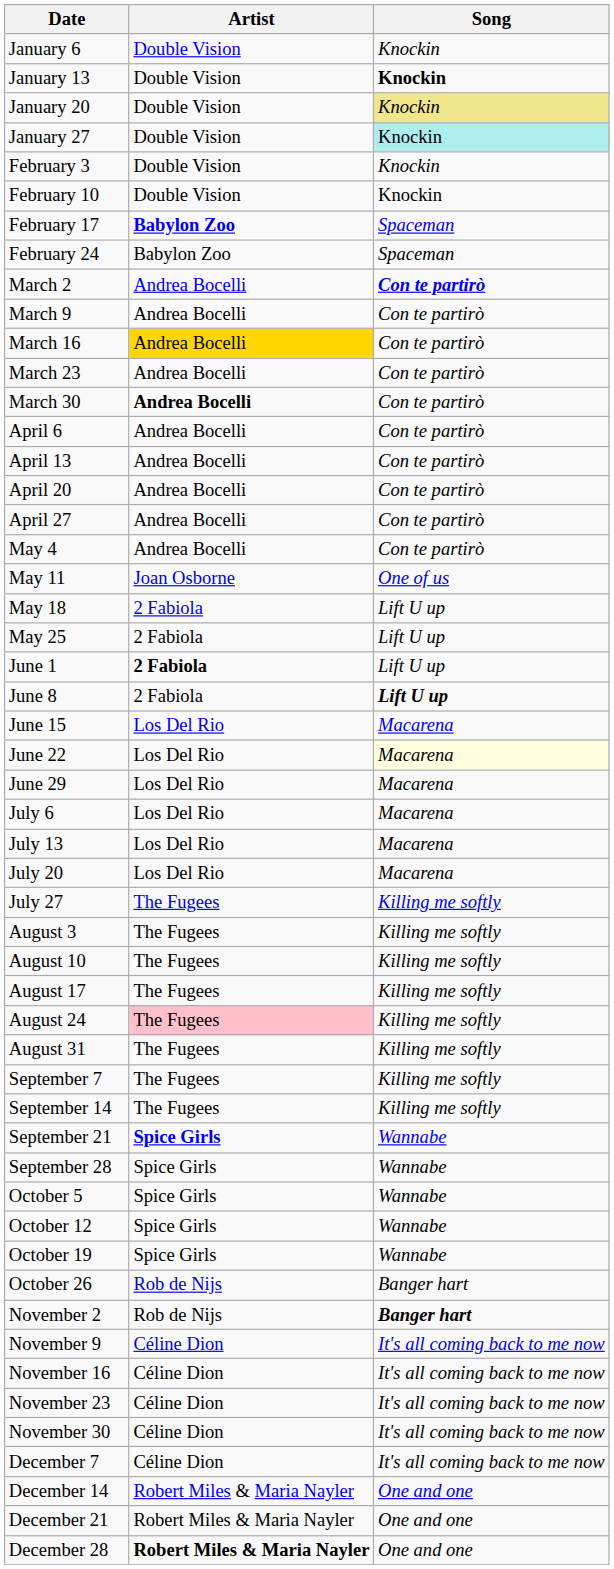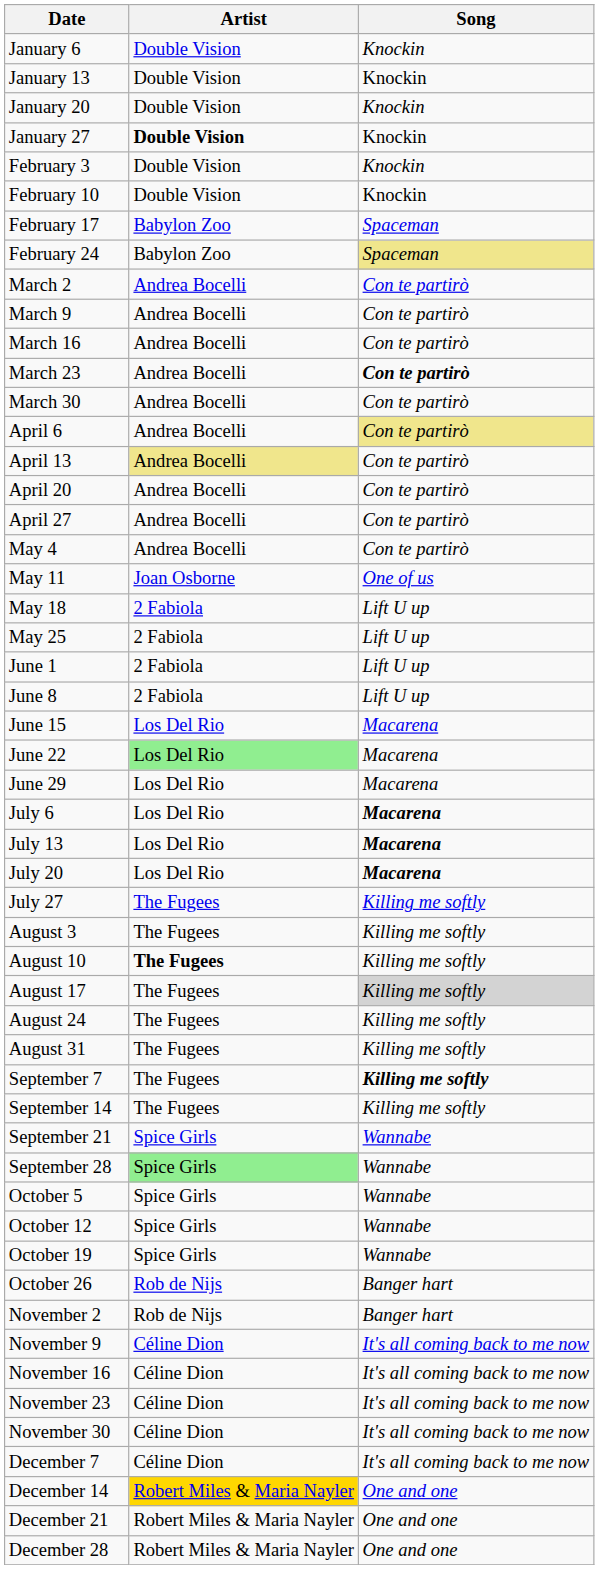 <table class="wikitable">
 <tr>
 <th width="100px">Date</th>
 <th>Artist</th>
 <th>Song</th>
 </tr>
 <tr>
 <td>January 6</td>
 <td><a href='#'>Double Vision</a></td>
 <td><em>Knockin<strong></td>
 </tr>
 <tr>
 <td>January 13</td>
 <td>Double Vision</td>
-<td><strong></em>Knockin</strong></strong></td>
+<td></em>Knockin</strong></td>
 </tr>
 <tr>
 <td>January 20</td>
 <td>Double Vision</td>
-<td style="background: khaki;"><em>Knockin<strong></td>
+<td><em>Knockin<strong></td>
 </tr>
 <tr>
 <td>January 27</td>
-<td>Double Vision</td>
-<td style="background: paleturquoise;"></em>Knockin</strong></td>
+<td><strong>Double Vision</strong></td>
+<td></em>Knockin</strong></td>
 </tr>
 <tr>
 <td>February 3</td>
 <td>Double Vision</td>
 <td><em>Knockin<strong></td>
 </tr>
 <tr>
 <td>February 10</td>
 <td>Double Vision</td>
 <td></em>Knockin</strong></td>
 </tr>
 <tr>
 <td>February 17</td>
-<td><strong><a href='#'>Babylon Zoo</a></strong></td>
+<td><a href='#'>Babylon Zoo</a></td>
 <td><em><a href='#'>Spaceman</a></em></td>
 </tr>
 <tr>
 <td>February 24</td>
 <td>Babylon Zoo</td>
-<td><em>Spaceman</em></td>
+<td style="background: khaki;"><em>Spaceman</em></td>
 </tr>
 <tr>
 <td>March 2</td>
 <td><a href='#'>Andrea Bocelli</a></td>
-<td><strong><em><a href='#'>Con te partirò</a></em></strong></td>
+<td><em><a href='#'>Con te partirò</a></em></td>
 </tr>
 <tr>
 <td>March 9</td>
 <td>Andrea Bocelli</td>
 <td><em>Con te partirò</em></td>
 </tr>
 <tr>
 <td>March 16</td>
-<td style="background: gold;">Andrea Bocelli</td>
+<td>Andrea Bocelli</td>
 <td><em>Con te partirò</em></td>
 </tr>
 <tr>
 <td>March 23</td>
 <td>Andrea Bocelli</td>
-<td><em>Con te partirò</em></td>
+<td><strong><em>Con te partirò</em></strong></td>
 </tr>
 <tr>
 <td>March 30</td>
-<td><strong>Andrea Bocelli</strong></td>
+<td>Andrea Bocelli</td>
 <td><em>Con te partirò</em></td>
 </tr>
 <tr>
 <td>April 6</td>
 <td>Andrea Bocelli</td>
-<td><em>Con te partirò</em></td>
+<td style="background: khaki;"><em>Con te partirò</em></td>
 </tr>
 <tr>
 <td>April 13</td>
-<td>Andrea Bocelli</td>
+<td style="background: khaki;">Andrea Bocelli</td>
 <td><em>Con te partirò</em></td>
 </tr>
 <tr>
 <td>April 20</td>
 <td>Andrea Bocelli</td>
 <td><em>Con te partirò</em></td>
 </tr>
 <tr>
 <td>April 27</td>
 <td>Andrea Bocelli</td>
 <td><em>Con te partirò</em></td>
 </tr>
 <tr>
 <td>May 4</td>
 <td>Andrea Bocelli</td>
 <td><em>Con te partirò</em></td>
 </tr>
 <tr>
 <td>May 11</td>
 <td><a href='#'>Joan Osborne</a></td>
 <td><em><a href='#'>One of us</a></em></td>
 </tr>
 <tr>
 <td>May 18</td>
 <td><a href='#'>2 Fabiola</a></td>
 <td><em>Lift U up</em></td>
 </tr>
 <tr>
 <td>May 25</td>
 <td>2 Fabiola</td>
 <td><em>Lift U up</em></td>
 </tr>
 <tr>
 <td>June 1</td>
-<td><strong>2 Fabiola</strong></td>
+<td>2 Fabiola</td>
 <td><em>Lift U up</em></td>
 </tr>
 <tr>
 <td>June 8</td>
 <td>2 Fabiola</td>
-<td><strong><em>Lift U up</em></strong></td>
+<td><em>Lift U up</em></td>
 </tr>
 <tr>
 <td>June 15</td>
 <td><a href='#'>Los Del Rio</a></td>
 <td><em><a href='#'>Macarena</a></em></td>
 </tr>
 <tr>
 <td>June 22</td>
-<td>Los Del Rio</td>
-<td style="background: lightyellow;"><em>Macarena</em></td>
+<td style="background: lightgreen;">Los Del Rio</td>
+<td><em>Macarena</em></td>
 </tr>
 <tr>
 <td>June 29</td>
 <td>Los Del Rio</td>
 <td><em>Macarena</em></td>
 </tr>
 <tr>
 <td>July 6</td>
 <td>Los Del Rio</td>
-<td><em>Macarena</em></td>
+<td><strong><em>Macarena</em></strong></td>
 </tr>
 <tr>
 <td>July 13</td>
 <td>Los Del Rio</td>
-<td><em>Macarena</em></td>
+<td><strong><em>Macarena</em></strong></td>
 </tr>
 <tr>
 <td>July 20</td>
 <td>Los Del Rio</td>
-<td><em>Macarena</em></td>
+<td><strong><em>Macarena</em></strong></td>
 </tr>
 <tr>
 <td>July 27</td>
 <td><a href='#'>The Fugees</a></td>
 <td><em><a href='#'>Killing me softly</a></em></td>
 </tr>
 <tr>
 <td>August 3</td>
 <td>The Fugees</td>
 <td><em>Killing me softly</em></td>
 </tr>
 <tr>
 <td>August 10</td>
-<td>The Fugees</td>
+<td><strong>The Fugees</strong></td>
 <td><em>Killing me softly</em></td>
 </tr>
 <tr>
 <td>August 17</td>
 <td>The Fugees</td>
-<td><em>Killing me softly</em></td>
+<td style="background: lightgrey;"><em>Killing me softly</em></td>
 </tr>
 <tr>
 <td>August 24</td>
-<td style="background: pink;">The Fugees</td>
+<td>The Fugees</td>
 <td><em>Killing me softly</em></td>
 </tr>
 <tr>
 <td>August 31</td>
 <td>The Fugees</td>
 <td><em>Killing me softly</em></td>
 </tr>
 <tr>
 <td>September 7</td>
 <td>The Fugees</td>
-<td><em>Killing me softly</em></td>
+<td><strong><em>Killing me softly</em></strong></td>
 </tr>
 <tr>
 <td>September 14</td>
 <td>The Fugees</td>
 <td><em>Killing me softly</em></td>
 </tr>
 <tr>
 <td>September 21</td>
-<td><strong><a href='#'>Spice Girls</a></strong></td>
+<td><a href='#'>Spice Girls</a></td>
 <td><em><a href='#'>Wannabe</a></em></td>
 </tr>
 <tr>
 <td>September 28</td>
-<td>Spice Girls</td>
+<td style="background: lightgreen;">Spice Girls</td>
 <td><em>Wannabe</em></td>
 </tr>
 <tr>
 <td>October 5</td>
 <td>Spice Girls</td>
 <td><em>Wannabe</em></td>
 </tr>
 <tr>
 <td>October 12</td>
 <td>Spice Girls</td>
 <td><em>Wannabe</em></td>
 </tr>
 <tr>
 <td>October 19</td>
 <td>Spice Girls</td>
 <td><em>Wannabe</em></td>
 </tr>
 <tr>
 <td>October 26</td>
 <td><a href='#'>Rob de Nijs</a></td>
 <td><em>Banger hart</em></td>
 </tr>
 <tr>
 <td>November 2</td>
 <td>Rob de Nijs</td>
-<td><strong><em>Banger hart</em></strong></td>
+<td><em>Banger hart</em></td>
 </tr>
 <tr>
 <td>November 9</td>
 <td><a href='#'>Céline Dion</a></td>
 <td><em><a href='#'>It's all coming back to me now</a></em></td>
 </tr>
 <tr>
 <td>November 16</td>
 <td>Céline Dion</td>
 <td><em>It's all coming back to me now</em></td>
 </tr>
 <tr>
 <td>November 23</td>
 <td>Céline Dion</td>
 <td><em>It's all coming back to me now</em></td>
 </tr>
 <tr>
 <td>November 30</td>
 <td>Céline Dion</td>
 <td><em>It's all coming back to me now</em></td>
 </tr>
 <tr>
 <td>December 7</td>
 <td>Céline Dion</td>
 <td><em>It's all coming back to me now</em></td>
 </tr>
 <tr>
 <td>December 14</td>
-<td><a href='#'>Robert Miles</a> & <a href='#'>Maria Nayler</a></td>
+<td style="background: gold;"><a href='#'>Robert Miles</a> & <a href='#'>Maria Nayler</a></td>
 <td><em><a href='#'>One and one</a></em></td>
 </tr>
 <tr>
 <td>December 21</td>
 <td>Robert Miles & Maria Nayler</td>
 <td><em>One and one</em></td>
 </tr>
 <tr>
 <td>December 28</td>
-<td><strong>Robert Miles & Maria Nayler</strong></td>
+<td>Robert Miles & Maria Nayler</td>
 <td><em>One and one</em></td>
 </tr>
 </table>
